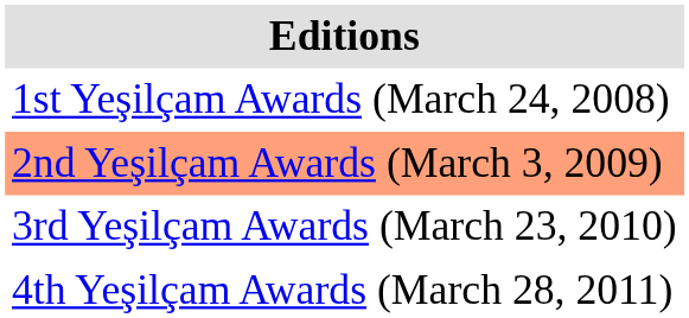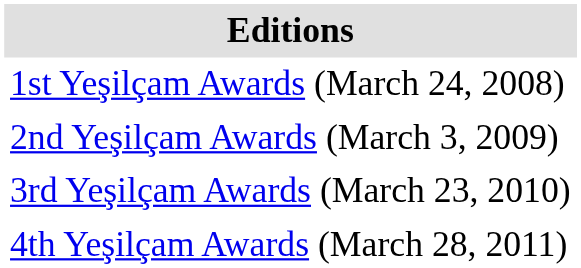 <table align="right" class="toccolours" cellspacing="0" cellpadding="3">
 <tr style="background: #e0e0e0">
 <th>Editions</th>
 </tr>
 <tr>
 <td><a href='#'>1st Yeşilçam Awards</a> (March 24, 2008)</td>
 </tr>
 <tr>
-<td style="background: lightsalmon;"><a href='#'>2nd Yeşilçam Awards</a> (March 3, 2009)</td>
+<td><a href='#'>2nd Yeşilçam Awards</a> (March 3, 2009)</td>
 </tr>
 <tr>
 <td><a href='#'>3rd Yeşilçam Awards</a> (March 23, 2010)</td>
 </tr>
 <tr>
 <td><a href='#'>4th Yeşilçam Awards</a> (March 28, 2011)</td>
 </tr>
 </table>
